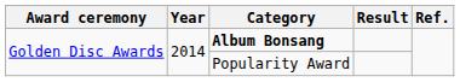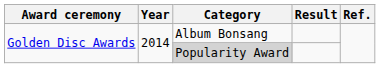 <table class="wikitable">
 <tr>
 <th>Award ceremony</th>
 <th>Year</th>
 <th>Category</th>
 <th>Result</th>
 <th>Ref.</th>
 </tr>
 <tr>
 <td rowspan="2"><a href='#'>Golden Disc Awards</a></td>
 <td rowspan="2">2014</td>
-<td><strong>Album Bonsang</strong></td>
+<td>Album Bonsang</td>
 <td></td>
 <td rowspan="2"></td>
 </tr>
 <tr>
-<td>Popularity Award</td>
+<td style="background: lightgrey;">Popularity Award</td>
 <td></td>
 </tr>
 </table>
